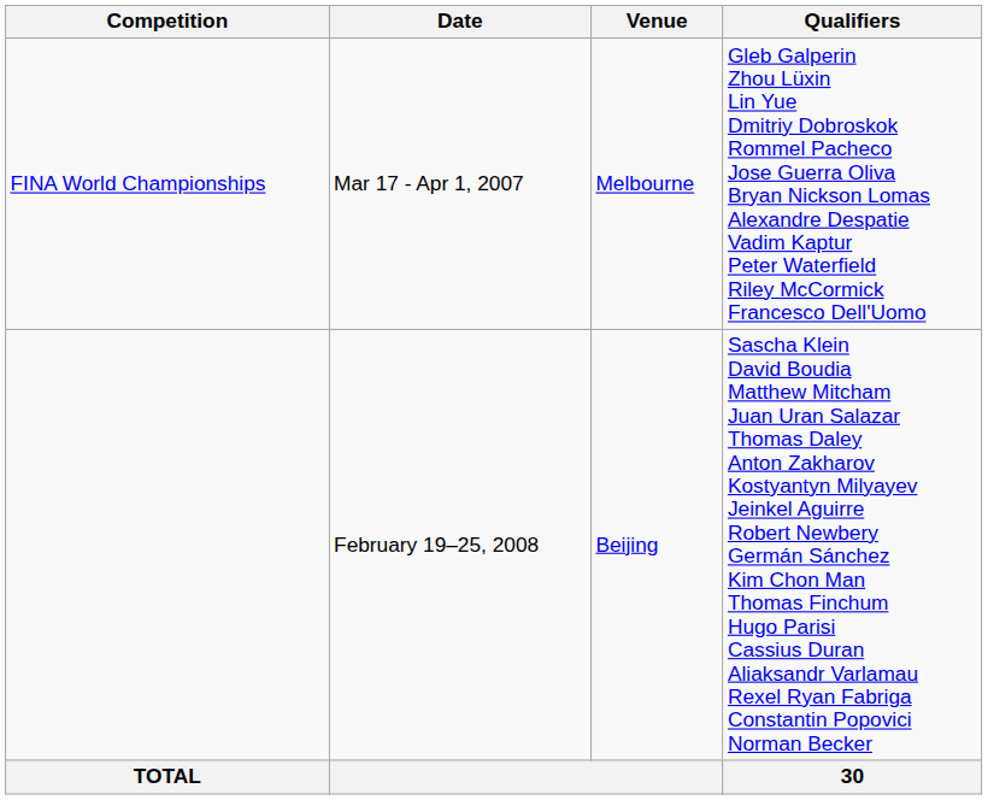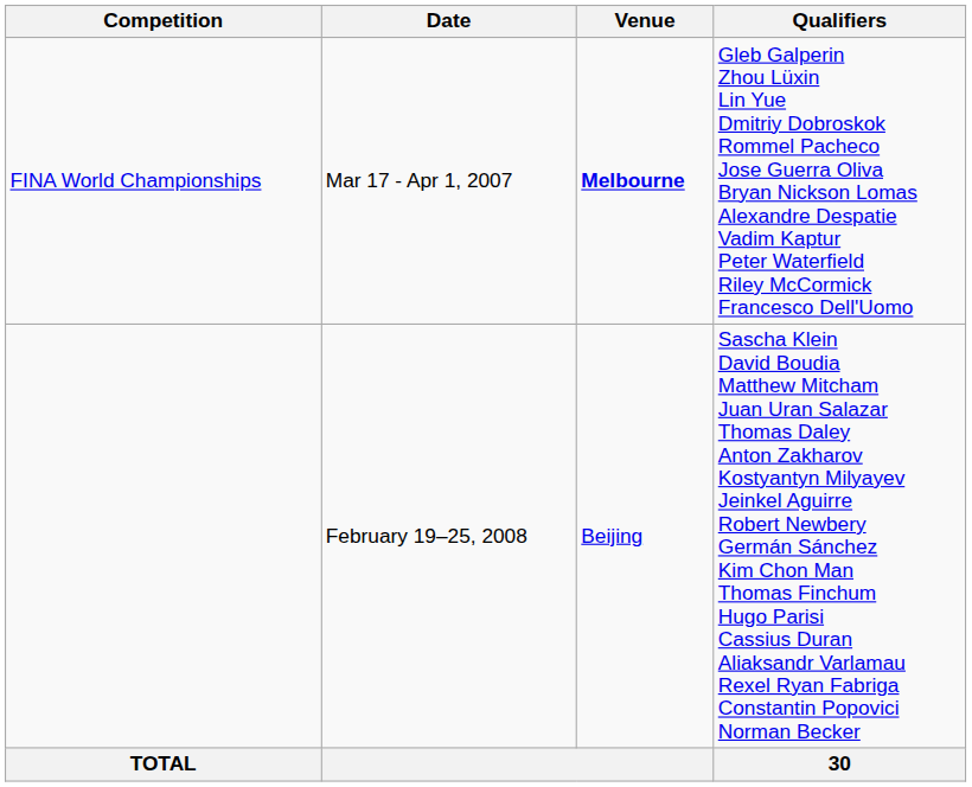 <table class="wikitable" width=85%>
 <tr>
 <th>Competition</th>
 <th>Date</th>
 <th>Venue</th>
 <th>Qualifiers</th>
 </tr>
 <tr>
 <td><a href='#'>FINA World Championships</a></td>
 <td>Mar 17 - Apr 1, 2007</td>
-<td> <a href='#'>Melbourne</a></td>
+<td><strong> <a href='#'>Melbourne</a></strong></td>
 <td> <a href='#'>Gleb Galperin</a><br> <a href='#'>Zhou Lüxin</a><br> <a href='#'>Lin Yue</a><br> <a href='#'>Dmitriy Dobroskok</a> <br> <a href='#'>Rommel Pacheco</a><br> <a href='#'>Jose Guerra Oliva</a><br> <a href='#'>Bryan Nickson Lomas</a><br> <a href='#'>Alexandre Despatie</a><br> <a href='#'>Vadim Kaptur</a><br> <a href='#'>Peter Waterfield</a><br> <a href='#'>Riley McCormick</a><br> <a href='#'>Francesco Dell'Uomo</a></td>
 </tr>
 <tr>
 <td></td>
 <td>February 19–25, 2008</td>
 <td> <a href='#'>Beijing</a></td>
 <td> <a href='#'>Sascha Klein</a><br> <a href='#'>David Boudia</a><br> <a href='#'>Matthew Mitcham</a><br> <a href='#'>Juan Uran Salazar</a><br> <a href='#'>Thomas Daley</a><br> <a href='#'>Anton Zakharov</a><br> <a href='#'>Kostyantyn Milyayev</a><br> <a href='#'>Jeinkel Aguirre</a><br> <a href='#'>Robert Newbery</a><br> <a href='#'>Germán Sánchez</a><br> <a href='#'>Kim Chon Man</a><br> <a href='#'>Thomas Finchum</a><br> <a href='#'>Hugo Parisi</a><br> <a href='#'>Cassius Duran</a><br> <a href='#'>Aliaksandr Varlamau</a><br> <a href='#'>Rexel Ryan Fabriga</a><br> <a href='#'>Constantin Popovici</a><br> <a href='#'>Norman Becker</a></td>
 </tr>
 <tr>
 <th>TOTAL</th>
 <th colspan="2"></th>
 <th>30</th>
 </tr>
 </table>
